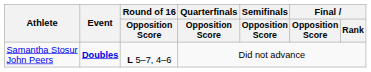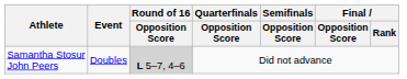 <table class=wikitable style="font-size:90%">
 <tr>
 <th rowspan=2>Athlete</th>
 <th rowspan=2>Event</th>
 <th>Round of 16</th>
 <th>Quarterfinals</th>
 <th>Semifinals</th>
 <th colspan=2>Final / </th>
 </tr>
 <tr style="font-size:95%">
 <th>Opposition<br>Score</th>
 <th>Opposition<br>Score</th>
 <th>Opposition<br>Score</th>
 <th>Opposition<br>Score</th>
 <th>Rank</th>
 </tr>
 <tr align=center>
 <td align=left><a href='#'>Samantha Stosur</a><br><a href='#'>John Peers</a></td>
-<td align=left><strong><a href='#'>Doubles</a></strong></td>
-<td><br><strong>L</strong> 5–7, 4–6</td>
+<td align=left><a href='#'>Doubles</a></td>
+<td style="background: lightgrey;"><br><strong>L</strong> 5–7, 4–6</td>
 <td colspan=4>Did not advance</td>
 </tr>
 </table>
